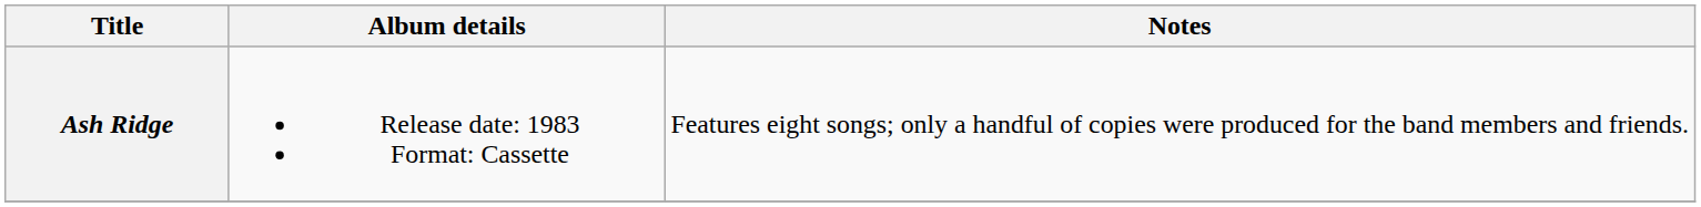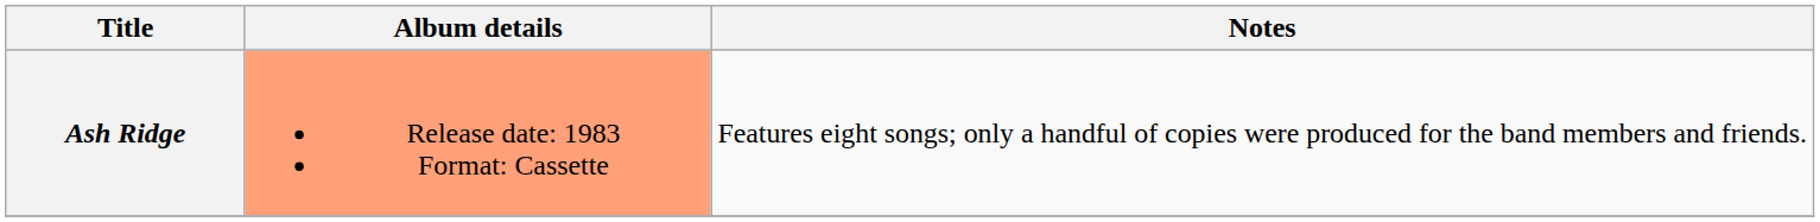 <table class="wikitable plainrowheaders" style="text-align:center;">
 <tr>
 <th scope="col" style="width:8em;">Title</th>
 <th scope="col" style="width:16em;">Album details</th>
 <th scope="col">Notes</th>
 </tr>
 <tr>
 <th scope="row"><em>Ash Ridge</em></th>
-<td><br><ul><li>Release date: 1983</li><li>Format: Cassette</li></ul></td>
+<td style="background: lightsalmon;"><br><ul><li>Release date: 1983</li><li>Format: Cassette</li></ul></td>
 <td>Features eight songs; only a handful of copies were produced for the band members and friends.</td>
 </tr>
 <tr>
 </tr>
 </table>
